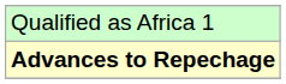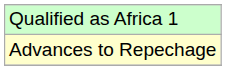 <table class="wikitable">
 <tr>
 </tr>
 <tr width=10px bgcolor="#ccffcc">
 <td>Qualified as Africa 1</td>
 </tr>
 <tr width=10px bgcolor="#ffffcc">
-<td><strong>Advances to Repechage</strong></td>
+<td>Advances to Repechage</td>
 </tr>
 <tr>
 </tr>
 </table>
